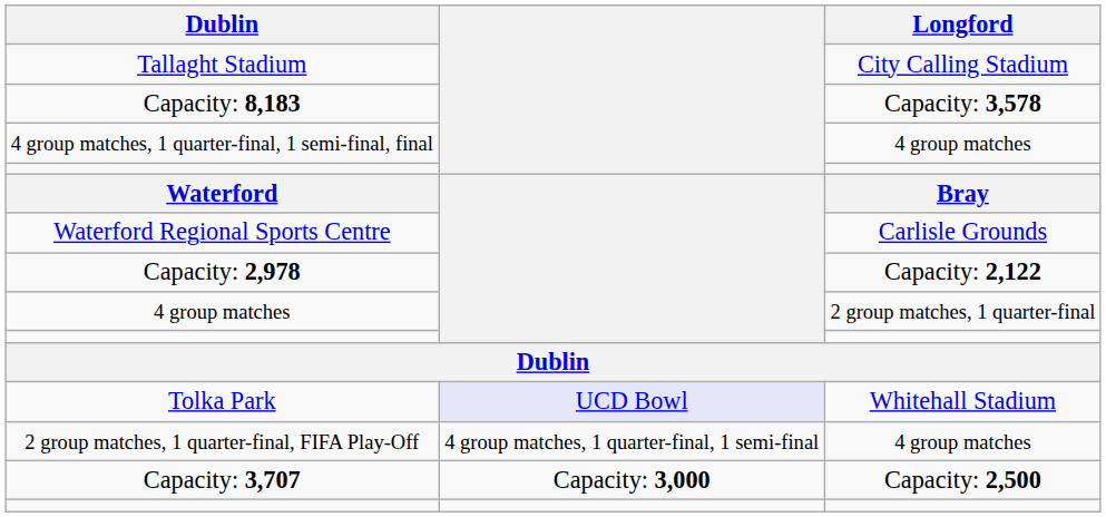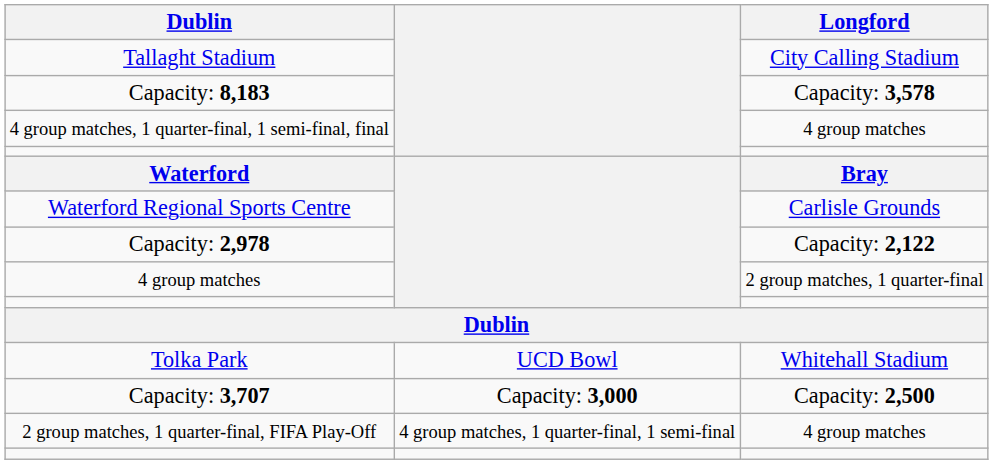 <table class="wikitable" style="text-align:center; margin:1em auto;">
 <tr>
 <th><a href='#'>Dublin</a></th>
 <th rowspan=5><div><br> </div></th>
 <th><a href='#'>Longford</a></th>
 </tr>
 <tr>
 <td><a href='#'>Tallaght Stadium</a></td>
 <td><a href='#'>City Calling Stadium</a></td>
 </tr>
 <tr>
 <td>Capacity: <strong>8,183</strong></td>
 <td>Capacity: <strong>3,578</strong></td>
 </tr>
 <tr>
 <td><small>4 group matches, 1 quarter-final, 1 semi-final, final</small></td>
 <td><small>4 group matches</small></td>
 </tr>
 <tr>
 <td></td>
 <td></td>
 </tr>
 <tr>
 <th><a href='#'>Waterford</a></th>
 <th rowspan=5><br><div>  </div></th>
 <th><a href='#'>Bray</a></th>
 </tr>
 <tr>
 <td><a href='#'>Waterford Regional Sports Centre</a></td>
 <td><a href='#'>Carlisle Grounds</a></td>
 </tr>
 <tr>
 <td>Capacity: <strong>2,978</strong></td>
 <td>Capacity: <strong>2,122</strong></td>
 </tr>
 <tr>
 <td><small>4 group matches</small></td>
 <td><small>2 group matches, 1 quarter-final</small></td>
 </tr>
 <tr>
 <td></td>
 <td></td>
 </tr>
 <tr>
 <th colspan="3"><a href='#'>Dublin</a></th>
 </tr>
 <tr>
 <td><a href='#'>Tolka Park</a></td>
-<td style="background: lavender;"><a href='#'>UCD Bowl</a></td>
+<td><a href='#'>UCD Bowl</a></td>
 <td><a href='#'>Whitehall Stadium</a></td>
+</tr>
+<tr>
+<td>Capacity: <strong>3,707</strong></td>
+<td>Capacity: <strong>3,000</strong></td>
+<td>Capacity: <strong>2,500</strong></td>
 </tr>
 <tr>
 <td><small>2 group matches, 1 quarter-final, FIFA Play-Off</small></td>
 <td><small>4 group matches, 1 quarter-final, 1 semi-final</small></td>
 <td><small>4 group matches</small></td>
 </tr>
 <tr>
-<td>Capacity: <strong>3,707</strong></td>
-<td>Capacity: <strong>3,000</strong></td>
-<td>Capacity: <strong>2,500</strong></td>
-</tr>
-<tr>
 <td></td>
 <td></td>
 <td></td>
 </tr>
 </table>
